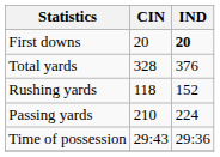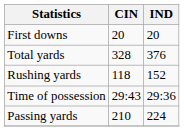 <table class="wikitable">
 <tr>
 <th>Statistics</th>
 <th>CIN</th>
 <th>IND</th>
 </tr>
 <tr>
 <td>First downs</td>
 <td>20</td>
-<td><strong>20</strong></td>
+<td>20</td>
 </tr>
 <tr>
 <td>Total yards</td>
 <td>328</td>
 <td>376</td>
 </tr>
 <tr>
 <td>Rushing yards</td>
 <td>118</td>
 <td>152</td>
 </tr>
 <tr>
+<td>Time of possession</td>
+<td>29:43</td>
+<td>29:36</td>
+</tr>
+<tr>
 <td>Passing yards</td>
 <td>210</td>
 <td>224</td>
 </tr>
 <tr>
-<td>Time of possession</td>
-<td>29:43</td>
-<td>29:36</td>
-</tr>
-<tr>
 </tr>
 </table>
